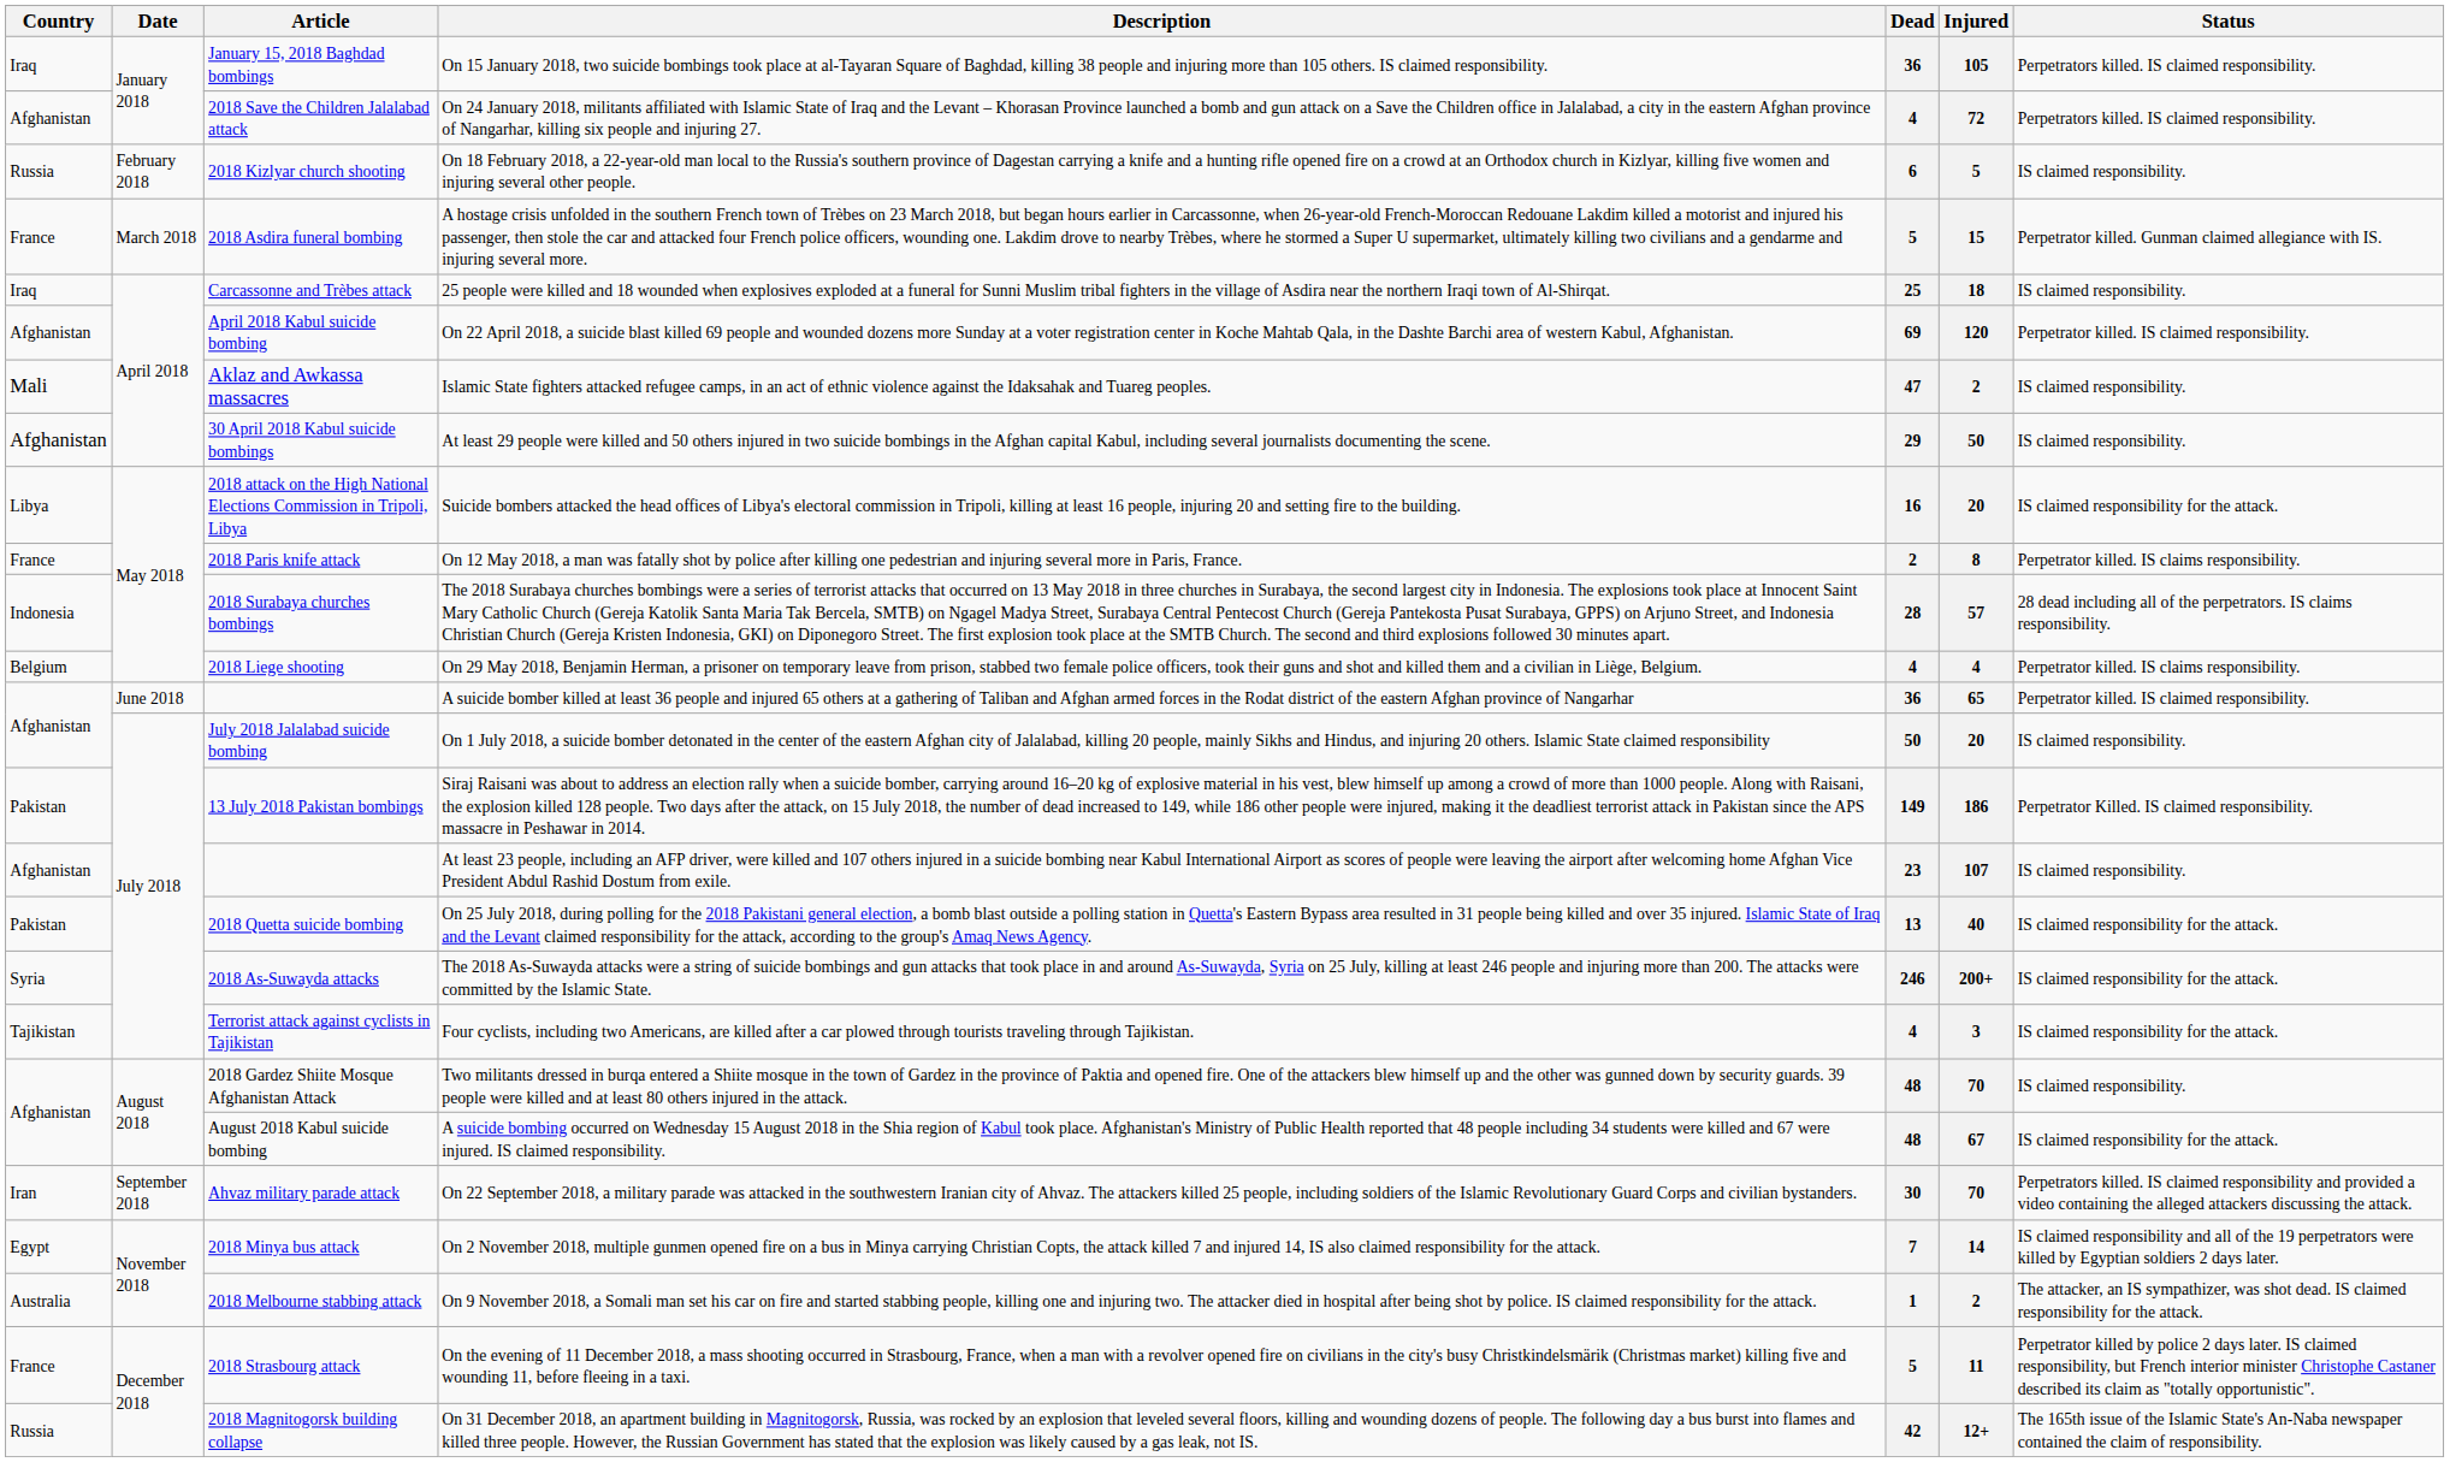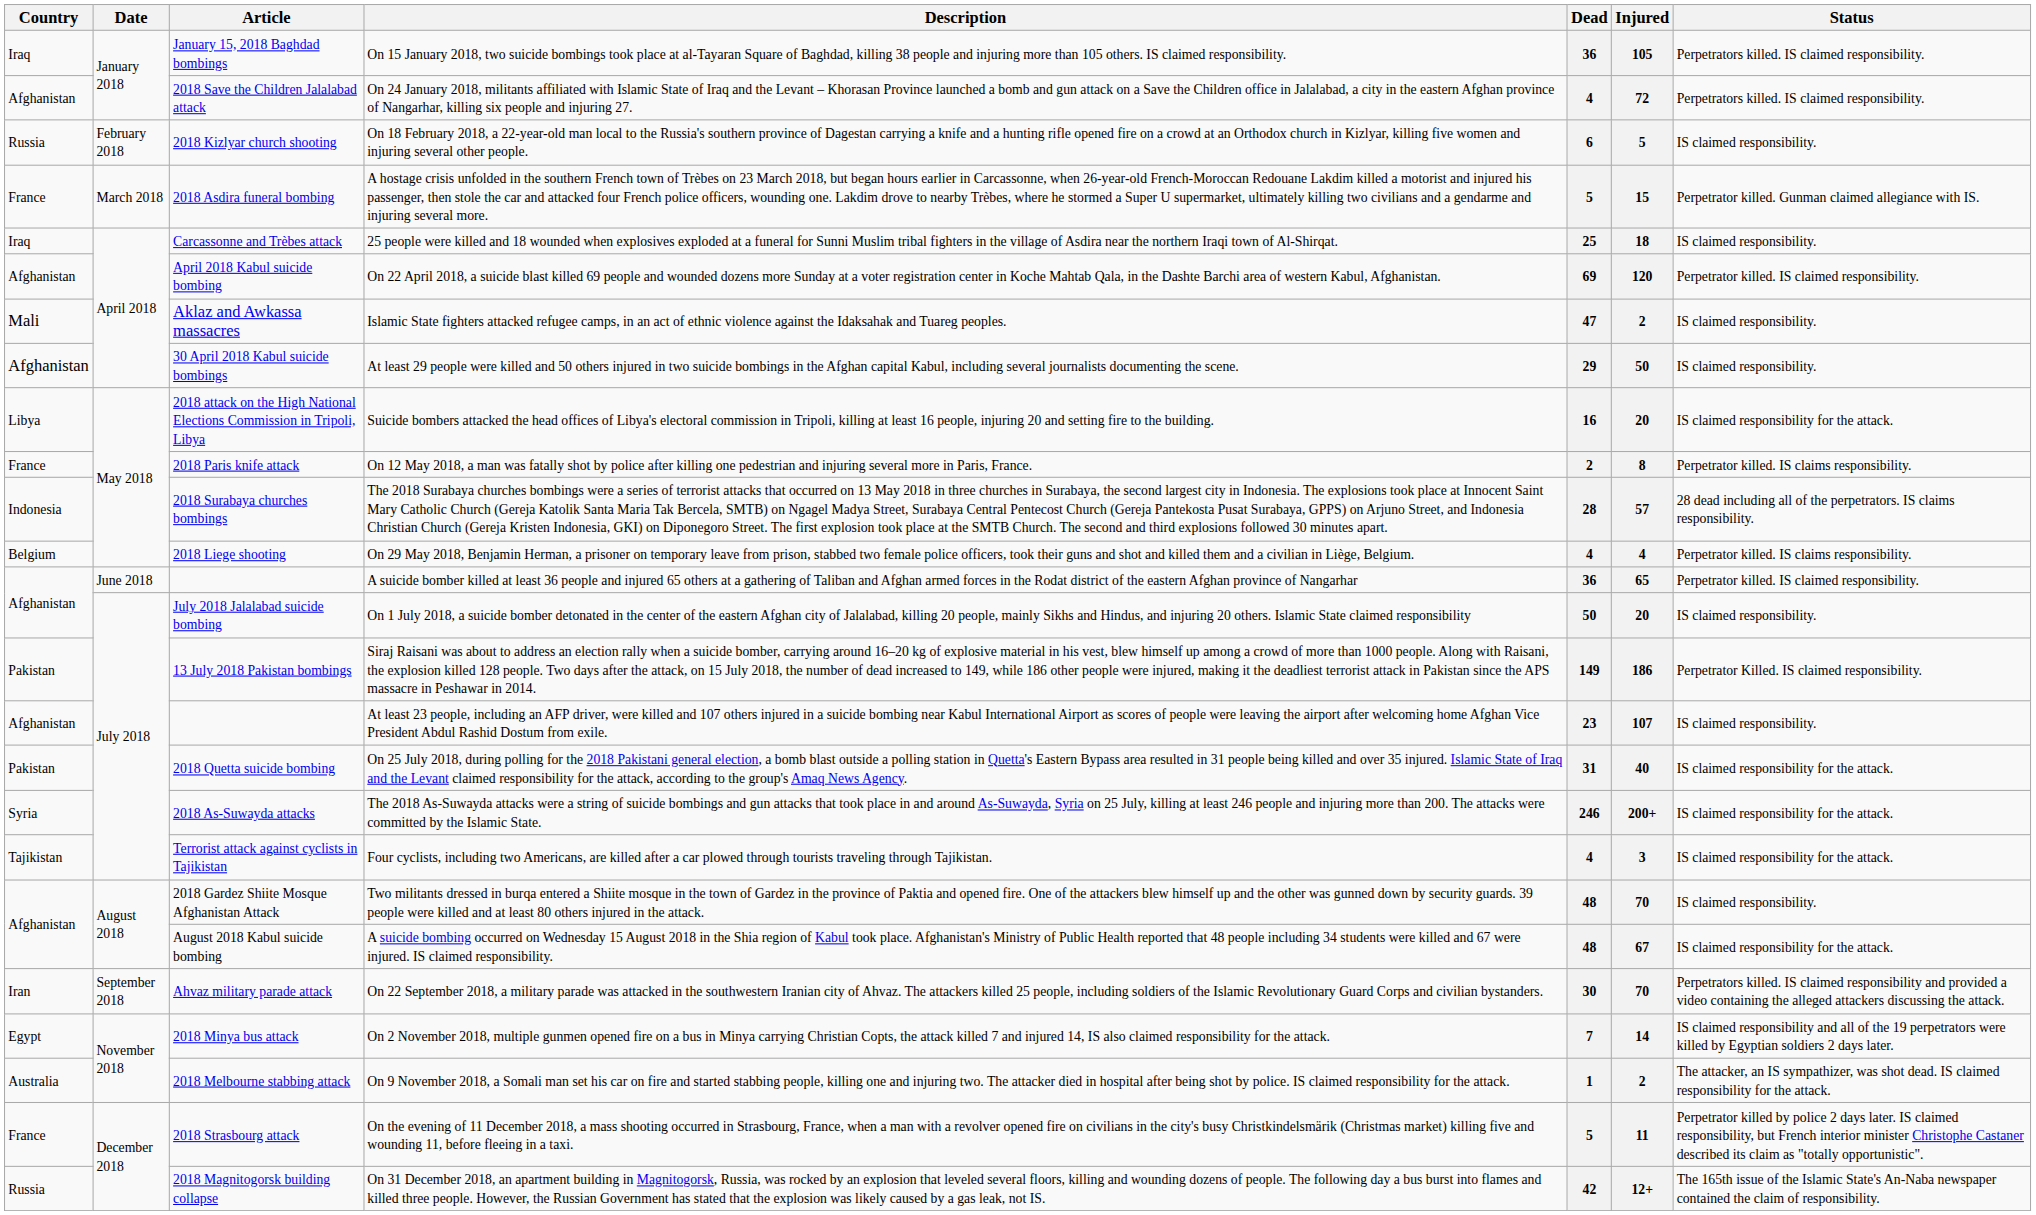 <table class="wikitable sortable">
 <tr>
 <th>Country</th>
 <th>Date</th>
 <th>Article</th>
 <th>Description</th>
 <th>Dead</th>
 <th>Injured</th>
 <th>Status</th>
 </tr>
 <tr>
 <td><small>Iraq</small></td>
 <td rowspan="2"><small>January 2018</small></td>
 <td><a href='#'><small>January 15, 2018 Baghdad bombings</small></a></td>
 <td><small>On 15 January 2018, two suicide bombings took place at al-Tayaran Square of Baghdad, killing 38 people and injuring more than 105 others. IS claimed responsibility.</small></td>
 <th><small>36</small></th>
 <th><small>105</small></th>
 <td><small>Perpetrators killed. IS claimed responsibility.</small></td>
 </tr>
 <tr>
 <td><small>Afghanistan</small></td>
 <td><a href='#'><small>2018 Save the Children Jalalabad attack</small></a></td>
 <td><small>On 24 January 2018, militants affiliated with Islamic State of Iraq and the Levant – Khorasan Province launched a bomb and gun attack on a Save the Children office in Jalalabad, a city in the eastern Afghan province of Nangarhar, killing six people and injuring 27.</small></td>
 <th><small>4</small></th>
 <th><small>72</small></th>
 <td><small>Perpetrators killed. IS claimed responsibility.</small></td>
 </tr>
 <tr>
 <td><small>Russia</small></td>
 <td><small>February 2018</small></td>
 <td><a href='#'><small>2018 Kizlyar church shooting</small></a></td>
 <td><small>On 18 February 2018, a 22-year-old man local to the Russia's southern province of Dagestan carrying a knife and a hunting rifle opened fire on a crowd at an Orthodox church in Kizlyar, killing five women and injuring several other people.</small></td>
 <th><small>6</small></th>
 <th><small>5</small></th>
 <td><small>IS claimed responsibility.</small></td>
 </tr>
 <tr>
 <td><small>France</small></td>
 <td><small>March 2018</small></td>
 <td><a href='#'><small>2018 Asdira funeral bombing</small></a></td>
 <td><small>A hostage crisis unfolded in the southern French town of Trèbes on 23 March 2018, but began hours earlier in Carcassonne, when 26-year-old French-Moroccan Redouane Lakdim killed a motorist and injured his passenger, then stole the car and attacked four French police officers, wounding one. Lakdim drove to nearby Trèbes, where he stormed a Super U supermarket, ultimately killing two civilians and a gendarme and injuring several more.</small></td>
 <th><small>5</small></th>
 <th><small>15</small></th>
 <td><small>Perpetrator killed. Gunman claimed allegiance with IS.</small></td>
 </tr>
 <tr>
 <td><small>Iraq</small></td>
 <td rowspan="4"><small>April 2018</small></td>
 <td><a href='#'><small>Carcassonne and Trèbes attack</small></a></td>
 <td><small>25 people were killed and 18 wounded when explosives exploded at a funeral for Sunni Muslim tribal fighters in the village of Asdira near the northern Iraqi town of Al-Shirqat.</small></td>
 <th><small>25</small></th>
 <th><small>18</small></th>
 <td><small>IS claimed responsibility.</small></td>
 </tr>
 <tr>
 <td><small>Afghanistan</small></td>
 <td><a href='#'><small>April 2018 Kabul suicide bombing</small></a></td>
 <td><small>On 22 April 2018, a suicide blast killed 69 people and wounded dozens more Sunday at a voter registration center in Koche Mahtab Qala, in the Dashte Barchi area of western Kabul, Afghanistan.</small></td>
 <th><small>69</small></th>
 <th><small>120</small></th>
 <td><small>Perpetrator killed. IS claimed responsibility.</small></td>
 </tr>
 <tr>
 <td>Mali</td>
 <td><a href='#'>Aklaz and Awkassa massacres</a></td>
 <td><small>Islamic State fighters attacked refugee camps, in an act of ethnic violence against the Idaksahak and Tuareg peoples.</small></td>
 <th><small>47</small></th>
 <th><small>2</small></th>
 <td><small>IS claimed responsibility.</small></td>
 </tr>
 <tr>
 <td>Afghanistan</td>
 <td><a href='#'><small>30 April 2018 Kabul suicide bombings</small></a></td>
 <td><small>At least 29 people were killed and 50 others injured in two suicide bombings in the Afghan capital Kabul, including several journalists documenting the scene.</small></td>
 <th><small>29</small></th>
 <th><small>50</small></th>
 <td><small>IS claimed responsibility.</small></td>
 </tr>
 <tr>
 <td><small>Libya</small></td>
 <td rowspan="4"><small>May 2018</small></td>
 <td><a href='#'><small>2018 attack on the High National Elections Commission in Tripoli, Libya</small></a></td>
 <td><small>Suicide bombers attacked the head offices of Libya's electoral commission in Tripoli, killing at least 16 people, injuring 20 and setting fire to the building.</small></td>
 <th><small>16</small></th>
 <th><small>20</small></th>
 <td><small>IS claimed responsibility for the attack.</small></td>
 </tr>
 <tr>
 <td><small>France</small></td>
 <td><a href='#'><small>2018 Paris knife attack</small></a></td>
 <td><small>On 12 May 2018, a man was fatally shot by police after killing one pedestrian and injuring several more in Paris, France.</small></td>
 <th><small>2</small></th>
 <th><small>8</small></th>
 <td><small>Perpetrator killed. IS claims responsibility.</small></td>
 </tr>
 <tr>
 <td><small>Indonesia</small></td>
 <td><a href='#'><small>2018 Surabaya churches bombings</small></a></td>
 <td><small>The 2018 Surabaya churches bombings were a series of terrorist attacks that occurred on 13 May 2018 in three churches in Surabaya, the second largest city in Indonesia. The explosions took place at Innocent Saint Mary Catholic Church (Gereja Katolik Santa Maria Tak Bercela, SMTB) on Ngagel Madya Street, Surabaya Central Pentecost Church (Gereja Pantekosta Pusat Surabaya, GPPS) on Arjuno Street, and Indonesia Christian Church (Gereja Kristen Indonesia, GKI) on Diponegoro Street. The first explosion took place at the SMTB Church. The second and third explosions followed 30 minutes apart.</small></td>
 <th><small>28</small></th>
 <th><small>57</small></th>
 <td><small>28 dead including all of the perpetrators. IS claims responsibility.</small></td>
 </tr>
 <tr>
 <td><small>Belgium</small></td>
 <td><a href='#'><small>2018 Liege shooting</small></a></td>
 <td><small>On 29 May 2018, Benjamin Herman, a prisoner on temporary leave from prison, stabbed two female police officers, took their guns and shot and killed them and a civilian in Liège, Belgium.</small></td>
 <th><small>4</small></th>
 <th><small>4</small></th>
 <td><small>Perpetrator killed. IS claims responsibility.</small></td>
 </tr>
 <tr>
 <td rowspan="2"><small>Afghanistan</small></td>
 <td><small>June 2018</small></td>
 <td></td>
 <td><small>A suicide bomber killed at least 36 people and injured 65 others at a gathering of Taliban and Afghan armed forces in the Rodat district of the eastern Afghan province of Nangarhar</small></td>
 <th><small>36</small></th>
 <th><small>65</small></th>
 <td><small>Perpetrator killed. IS claimed responsibility.</small></td>
 </tr>
 <tr>
 <td rowspan="6"><small>July 2018</small></td>
 <td><a href='#'><small>July 2018 Jalalabad suicide bombing</small></a></td>
 <td><small>On 1 July 2018, a suicide bomber detonated in the center of the eastern Afghan city of Jalalabad, killing 20 people, mainly Sikhs and Hindus, and injuring 20 others. Islamic State claimed responsibility</small></td>
 <th><small>50</small></th>
 <th><small>20</small></th>
 <td><small>IS claimed responsibility.</small></td>
 </tr>
 <tr>
 <td><small>Pakistan</small></td>
 <td><a href='#'><small>13 July 2018 Pakistan bombings</small></a></td>
 <td><small>Siraj Raisani was about to address an election rally when a suicide bomber, carrying around 16–20 kg of explosive material in his vest, blew himself up among a crowd of more than 1000 people. Along with Raisani, the explosion killed 128 people. Two days after the attack, on 15 July 2018, the number of dead increased to 149, while 186 other people were injured, making it the deadliest terrorist attack in Pakistan since the APS massacre in Peshawar in 2014.</small></td>
 <th><small>149</small></th>
 <th><small>186</small></th>
 <td><small>Perpetrator Killed. IS claimed responsibility.</small></td>
 </tr>
 <tr>
 <td><small>Afghanistan</small></td>
 <td></td>
 <td><small>At least 23 people, including an AFP driver, were killed and 107 others injured in a suicide bombing near Kabul International Airport as scores of people were leaving the airport after welcoming home Afghan Vice President Abdul Rashid Dostum from exile.</small></td>
 <th><small>23</small></th>
 <th><small>107</small></th>
 <td><small>IS claimed responsibility.</small></td>
 </tr>
 <tr>
 <td><small>Pakistan</small></td>
 <td><a href='#'><small>2018 Quetta suicide bombing</small></a></td>
 <td><small>On 25 July 2018, during polling for the <a href='#'>2018 Pakistani general election</a>, a bomb blast outside a polling station in <a href='#'>Quetta</a>'s Eastern Bypass area resulted in 31 people being killed and over 35 injured. <a href='#'>Islamic State of Iraq and the Levant</a> claimed responsibility for the attack, according to the group's <a href='#'>Amaq News Agency</a>.</small></td>
-<th><small>13</small></th>
+<th><small>31</small></th>
 <th><small>40</small></th>
 <td><small>IS claimed responsibility for the attack.</small></td>
 </tr>
 <tr>
 <td><small>Syria</small></td>
 <td><a href='#'><small>2018 As-Suwayda attacks</small></a></td>
 <td><small>The 2018 As-Suwayda attacks were a string of suicide bombings and gun attacks that took place in and around <a href='#'>As-Suwayda</a>, <a href='#'>Syria</a> on 25 July, killing at least 246 people and injuring more than 200. The attacks were committed by the Islamic State.</small></td>
 <th><small>246</small></th>
 <th><small>200+</small></th>
 <td><small>IS claimed responsibility for the attack.</small></td>
 </tr>
 <tr>
 <td><small>Tajikistan</small></td>
 <td><a href='#'><small>Terrorist attack against cyclists in Tajikistan</small></a></td>
 <td><small>Four cyclists, including two Americans, are killed after a car plowed through tourists traveling through Tajikistan.</small></td>
 <th><small>4</small></th>
 <th><small>3</small></th>
 <td><small>IS claimed responsibility for the attack.</small></td>
 </tr>
 <tr>
 <td rowspan="2"><small>Afghanistan</small></td>
 <td rowspan="2"><small>August 2018</small></td>
 <td><small>2018 Gardez Shiite Mosque Afghanistan Attack</small></td>
 <td><small>Two militants dressed in burqa entered a Shiite mosque in the town of Gardez in the province of Paktia and opened fire. One of the attackers blew himself up and the other was gunned down by security guards. 39 people were killed and at least 80 others injured in the attack.</small></td>
 <th><small>48</small></th>
 <th><small>70</small></th>
 <td><small>IS claimed responsibility.</small></td>
 </tr>
 <tr>
 <td><small>August 2018 Kabul suicide bombing</small></td>
 <td><small>A <a href='#'>suicide bombing</a> occurred on Wednesday 15 August 2018 in the Shia region of <a href='#'>Kabul</a> took place. Afghanistan's Ministry of Public Health reported that 48 people including 34 students were killed and 67 were injured. IS claimed responsibility.</small></td>
 <th><small>48</small></th>
 <th><small>67</small></th>
 <td><small>IS claimed responsibility for the attack.</small></td>
 </tr>
 <tr>
 <td><small>Iran</small></td>
 <td><small>September 2018</small></td>
 <td><a href='#'><small>Ahvaz military parade attack</small></a></td>
 <td><small>On 22 September 2018, a military parade was attacked in the southwestern Iranian city of Ahvaz. The attackers killed 25 people, including soldiers of the Islamic Revolutionary Guard Corps and civilian bystanders.</small></td>
 <th><small>30</small></th>
 <th><small>70</small></th>
 <td><small>Perpetrators killed. IS claimed responsibility and provided a video containing the alleged attackers discussing the attack.</small></td>
 </tr>
 <tr>
 <td><small>Egypt</small></td>
 <td rowspan="2"><small>November 2018</small></td>
 <td><a href='#'><small>2018 Minya bus attack</small></a></td>
 <td><small>On 2 November 2018, multiple gunmen opened fire on a bus in Minya carrying Christian Copts, the attack killed 7 and injured 14, IS also claimed responsibility for the attack.</small></td>
 <th><small>7</small></th>
 <th><small>14</small></th>
 <td><small>IS claimed responsibility and all of the 19 perpetrators were killed by Egyptian soldiers 2 days later.</small></td>
 </tr>
 <tr>
 <td><small>Australia</small></td>
 <td><a href='#'><small>2018 Melbourne stabbing attack</small></a></td>
 <td><small>On 9 November 2018, a Somali man set his car on fire and started stabbing people, killing one and injuring two. The attacker died in hospital after being shot by police. IS claimed responsibility for the attack.</small></td>
 <th><small>1</small></th>
 <th><small>2</small></th>
 <td><small>The attacker, an IS sympathizer, was shot dead. IS claimed responsibility for the attack.</small></td>
 </tr>
 <tr>
 <td><small>France</small></td>
 <td rowspan="2"><small>December 2018</small></td>
 <td><a href='#'><small>2018 Strasbourg attack</small></a></td>
 <td><small>On the evening of 11 December 2018, a mass shooting occurred in Strasbourg, France, when a man with a revolver opened fire on civilians in the city's busy Christkindelsmärik (Christmas market) killing five and wounding 11, before fleeing in a taxi.</small></td>
 <th><small>5</small></th>
 <th><small>11</small></th>
 <td><small>Perpetrator killed by police 2 days later. IS claimed responsibility, but French interior minister <a href='#'>Christophe Castaner</a> described its claim as "totally opportunistic".</small></td>
 </tr>
 <tr>
 <td><small>Russia</small></td>
 <td><a href='#'><small>2018 Magnitogorsk building collapse</small></a></td>
 <td><small>On 31 December 2018, an apartment building in <a href='#'>Magnitogorsk</a>, Russia, was rocked by an explosion that leveled several floors, killing and wounding dozens of people. The following day a bus burst into flames and killed three people. However, the Russian Government has stated that the explosion was likely caused by a gas leak, not IS.</small></td>
 <th><small>42</small></th>
 <th><small>12+</small></th>
 <td><small>The 165th issue of the Islamic State's An-Naba newspaper contained the claim of responsibility.</small></td>
 </tr>
 </table>
